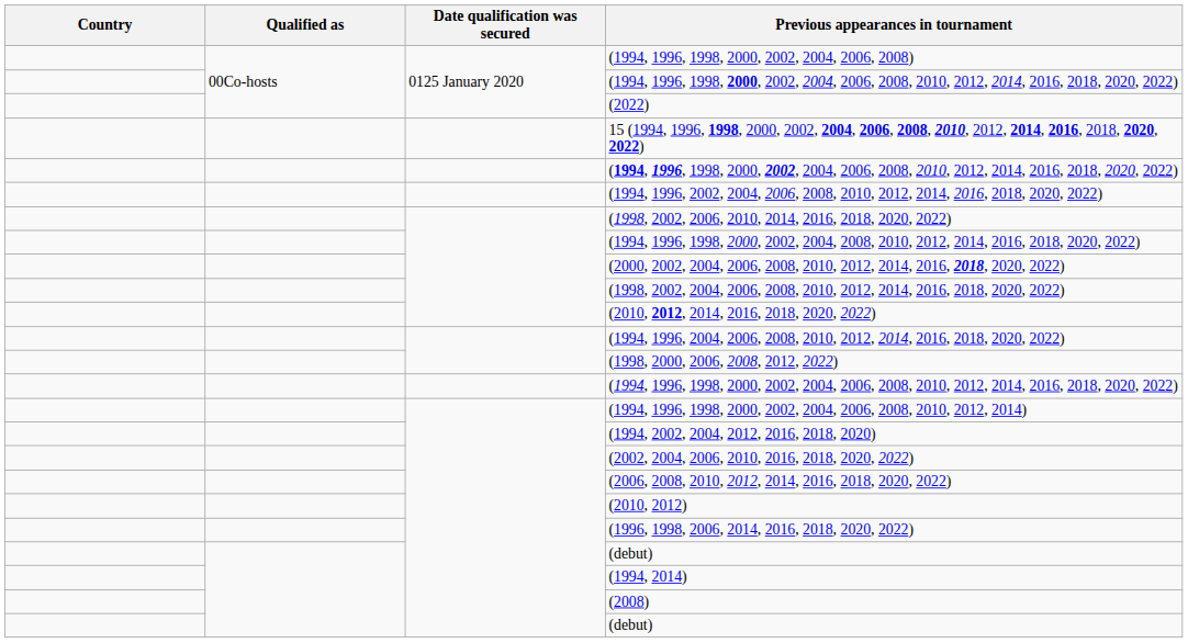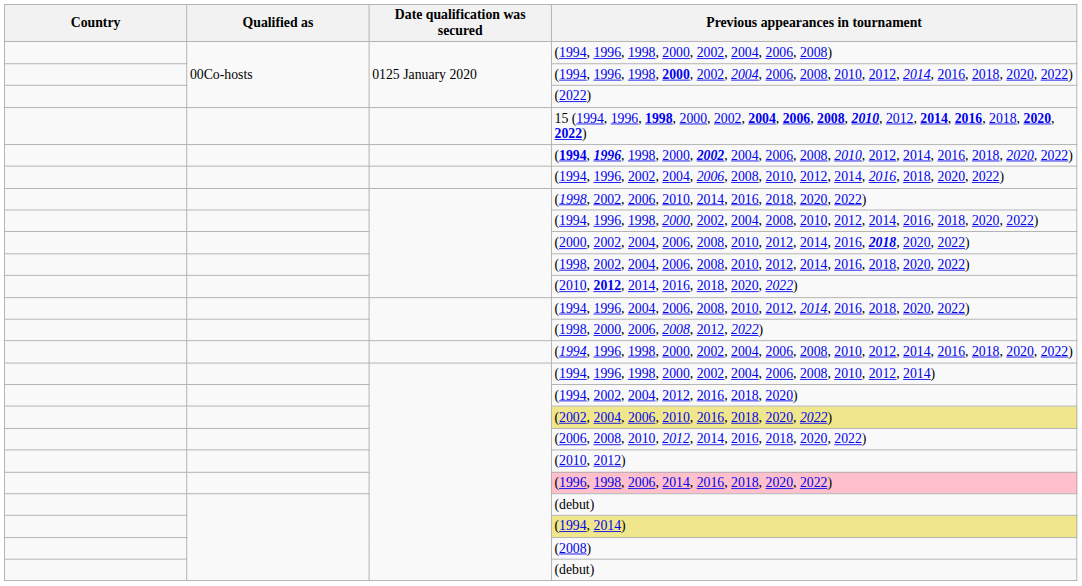 <table class="wikitable sortable">
 <tr>
 <th width=17%>Country</th>
 <th width=17%>Qualified as</th>
 <th width=17%>Date qualification was secured</th>
 <th width=49%>Previous appearances in tournament</th>
 </tr>
 <tr>
 <td></td>
 <td rowspan=3><span>00</span>Co-hosts</td>
 <td rowspan=3><span>01</span>25 January 2020</td>
 <td> (<a href='#'>1994</a>, <a href='#'>1996</a>, <a href='#'>1998</a>, <a href='#'>2000</a>, <a href='#'>2002</a>, <a href='#'>2004</a>, <a href='#'>2006</a>, <a href='#'>2008</a>)</td>
 </tr>
 <tr>
 <td></td>
 <td> (<a href='#'>1994</a>, <a href='#'>1996</a>, <a href='#'>1998</a>, <strong><a href='#'>2000</a></strong>, <a href='#'>2002</a>, <em><a href='#'>2004</a></em>, <a href='#'>2006</a>, <a href='#'>2008</a>, <a href='#'>2010</a>, <a href='#'>2012</a>, <em><a href='#'>2014</a></em>, <a href='#'>2016</a>, <a href='#'>2018</a>, <a href='#'>2020</a>, <a href='#'>2022</a>)</td>
 </tr>
 <tr>
 <td></td>
 <td> (<a href='#'>2022</a>)</td>
 </tr>
 <tr>
 <td></td>
 <td></td>
 <td></td>
 <td>15 (<a href='#'>1994</a>, <a href='#'>1996</a>, <strong><a href='#'>1998</a></strong>, <a href='#'>2000</a>, <a href='#'>2002</a>, <strong><a href='#'>2004</a></strong>, <strong><a href='#'>2006</a></strong>, <strong><a href='#'>2008</a></strong>, <strong><em><a href='#'>2010</a></em></strong>, <a href='#'>2012</a>, <strong><a href='#'>2014</a></strong>, <strong><a href='#'>2016</a></strong>, <a href='#'>2018</a>, <strong><a href='#'>2020</a></strong>, <strong><a href='#'>2022</a></strong>)</td>
 </tr>
 <tr>
 <td></td>
 <td></td>
 <td></td>
 <td> (<strong><a href='#'>1994</a></strong>, <strong><em><a href='#'>1996</a></em></strong>, <a href='#'>1998</a>, <a href='#'>2000</a>, <strong><em><a href='#'>2002</a></em></strong>, <a href='#'>2004</a>, <a href='#'>2006</a>, <a href='#'>2008</a>, <em><a href='#'>2010</a></em>, <a href='#'>2012</a>, <a href='#'>2014</a>, <a href='#'>2016</a>, <a href='#'>2018</a>, <em><a href='#'>2020</a></em>, <a href='#'>2022</a>)</td>
 </tr>
 <tr>
 <td></td>
 <td></td>
 <td></td>
 <td> (<a href='#'>1994</a>, <a href='#'>1996</a>, <a href='#'>2002</a>, <a href='#'>2004</a>, <a href='#'><em>2006</em></a>, <a href='#'>2008</a>, <a href='#'>2010</a>, <a href='#'>2012</a>, <a href='#'>2014</a>, <em><a href='#'>2016</a></em>, <a href='#'>2018</a>, <a href='#'>2020</a>, <a href='#'>2022</a>)</td>
 </tr>
 <tr>
 <td></td>
 <td></td>
 <td rowspan=5></td>
 <td> (<em><a href='#'>1998</a></em>, <a href='#'>2002</a>, <a href='#'>2006</a>, <a href='#'>2010</a>, <a href='#'>2014</a>, <a href='#'>2016</a>, <a href='#'>2018</a>, <a href='#'>2020</a>, <a href='#'>2022</a>)</td>
 </tr>
 <tr>
 <td></td>
 <td></td>
 <td> (<a href='#'>1994</a>, <a href='#'>1996</a>, <a href='#'>1998</a>, <em><a href='#'>2000</a></em>, <a href='#'>2002</a>, <a href='#'>2004</a>, <a href='#'>2008</a>, <a href='#'>2010</a>, <a href='#'>2012</a>, <a href='#'>2014</a>, <a href='#'>2016</a>, <a href='#'>2018</a>, <a href='#'>2020</a>, <a href='#'>2022</a>)</td>
 </tr>
 <tr>
 <td></td>
 <td></td>
 <td> (<a href='#'>2000</a>, <a href='#'>2002</a>, <a href='#'>2004</a>, <a href='#'>2006</a>, <a href='#'>2008</a>, <a href='#'>2010</a>, <a href='#'>2012</a>, <a href='#'>2014</a>, <a href='#'>2016</a>, <strong><em><a href='#'>2018</a></em></strong>, <a href='#'>2020</a>, <a href='#'>2022</a>)</td>
 </tr>
 <tr>
 <td></td>
 <td></td>
 <td> (<a href='#'>1998</a>, <a href='#'>2002</a>, <a href='#'>2004</a>, <a href='#'>2006</a>, <a href='#'>2008</a>, <a href='#'>2010</a>, <a href='#'>2012</a>, <a href='#'>2014</a>, <a href='#'>2016</a>, <a href='#'>2018</a>, <a href='#'>2020</a>, <a href='#'>2022</a>)</td>
 </tr>
 <tr>
 <td></td>
 <td></td>
 <td> (<a href='#'>2010</a>, <strong><a href='#'>2012</a></strong>, <a href='#'>2014</a>, <a href='#'>2016</a>, <a href='#'>2018</a>, <a href='#'>2020</a>, <em><a href='#'>2022</a></em>)</td>
 </tr>
 <tr>
 <td></td>
 <td></td>
 <td rowspan=2></td>
 <td> (<a href='#'>1994</a>, <a href='#'>1996</a>, <a href='#'>2004</a>, <a href='#'>2006</a>, <a href='#'>2008</a>, <a href='#'>2010</a>, <a href='#'>2012</a>, <em><a href='#'>2014</a></em>, <a href='#'>2016</a>, <a href='#'>2018</a>, <a href='#'>2020</a>, <a href='#'>2022</a>)</td>
 </tr>
 <tr>
 <td></td>
 <td></td>
 <td> (<a href='#'>1998</a>, <a href='#'>2000</a>, <a href='#'>2006</a>, <em><a href='#'>2008</a></em>, <a href='#'>2012</a>, <em><a href='#'>2022</a></em>)</td>
 </tr>
 <tr>
 <td></td>
 <td></td>
 <td></td>
 <td> (<em><a href='#'>1994</a></em>, <a href='#'>1996</a>, <a href='#'>1998</a>, <a href='#'>2000</a>, <a href='#'>2002</a>, <a href='#'>2004</a>, <a href='#'>2006</a>, <a href='#'>2008</a>, <a href='#'>2010</a>, <a href='#'>2012</a>, <a href='#'>2014</a>, <a href='#'>2016</a>, <a href='#'>2018</a>, <a href='#'>2020</a>, <a href='#'>2022</a>)</td>
 </tr>
 <tr>
 <td></td>
 <td></td>
 <td rowspan=10></td>
 <td> (<a href='#'>1994</a>, <a href='#'>1996</a>, <a href='#'>1998</a>, <a href='#'>2000</a>, <a href='#'>2002</a>, <a href='#'>2004</a>, <a href='#'>2006</a>, <a href='#'>2008</a>, <a href='#'>2010</a>, <a href='#'>2012</a>, <a href='#'>2014</a>)</td>
 </tr>
 <tr>
 <td></td>
 <td></td>
 <td> (<a href='#'>1994</a>, <a href='#'>2002</a>, <a href='#'>2004</a>, <a href='#'>2012</a>, <a href='#'>2016</a>, <a href='#'>2018</a>, <a href='#'>2020</a>)</td>
 </tr>
 <tr>
 <td></td>
 <td></td>
-<td> (<a href='#'>2002</a>, <a href='#'>2004</a>, <a href='#'>2006</a>, <a href='#'>2010</a>, <a href='#'>2016</a>, <a href='#'>2018</a>, <a href='#'>2020</a>, <em><a href='#'>2022</a></em>)</td>
+<td style="background: khaki;"> (<a href='#'>2002</a>, <a href='#'>2004</a>, <a href='#'>2006</a>, <a href='#'>2010</a>, <a href='#'>2016</a>, <a href='#'>2018</a>, <a href='#'>2020</a>, <em><a href='#'>2022</a></em>)</td>
 </tr>
 <tr>
 <td></td>
 <td></td>
 <td> (<a href='#'>2006</a>, <a href='#'>2008</a>, <a href='#'>2010</a>, <em><a href='#'>2012</a></em>, <a href='#'>2014</a>, <a href='#'>2016</a>, <a href='#'>2018</a>, <a href='#'>2020</a>, <a href='#'>2022</a>)</td>
 </tr>
 <tr>
 <td></td>
 <td></td>
 <td> (<a href='#'>2010</a>, <a href='#'>2012</a>)</td>
 </tr>
 <tr>
 <td></td>
 <td></td>
-<td> (<a href='#'>1996</a>, <a href='#'>1998</a>, <a href='#'>2006</a>, <a href='#'>2014</a>, <a href='#'>2016</a>, <a href='#'>2018</a>, <a href='#'>2020</a>, <a href='#'>2022</a>)</td>
+<td style="background: pink;"> (<a href='#'>1996</a>, <a href='#'>1998</a>, <a href='#'>2006</a>, <a href='#'>2014</a>, <a href='#'>2016</a>, <a href='#'>2018</a>, <a href='#'>2020</a>, <a href='#'>2022</a>)</td>
 </tr>
 <tr>
 <td></td>
 <td rowspan=4></td>
 <td> (debut)</td>
 </tr>
 <tr>
 <td></td>
-<td> (<a href='#'>1994</a>, <a href='#'>2014</a>)</td>
+<td style="background: khaki;"> (<a href='#'>1994</a>, <a href='#'>2014</a>)</td>
 </tr>
 <tr>
 <td></td>
 <td> (<a href='#'>2008</a>)</td>
 </tr>
 <tr>
 <td></td>
 <td> (debut)</td>
 </tr>
 </table>
